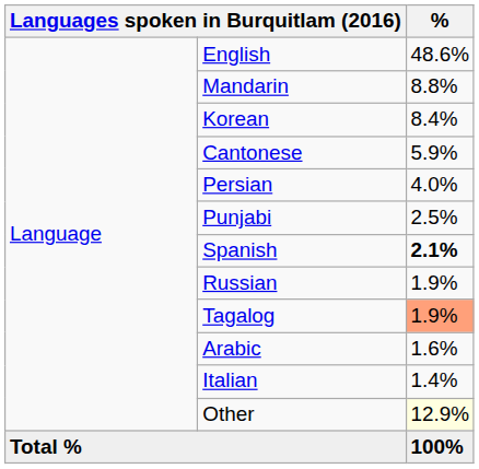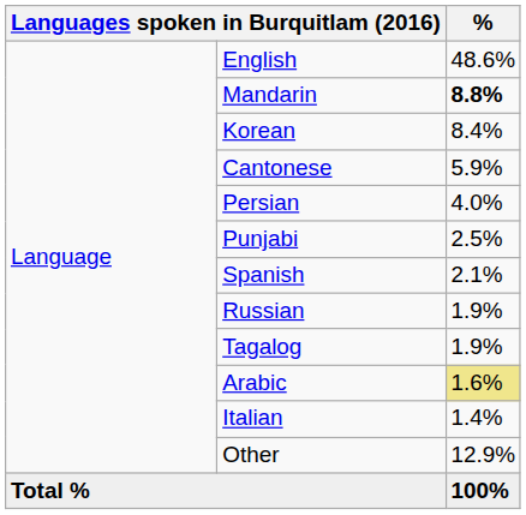 <table class="wikitable">
 <tr>
 <th colspan=2><a href='#'>Languages</a> spoken in Burquitlam (2016)<br></th>
 <th>%</th>
 </tr>
 <tr>
 <td rowspan=12><a href='#'>Language</a></td>
 <td><a href='#'>English</a></td>
 <td>48.6%</td>
 </tr>
 <tr>
 <td><a href='#'>Mandarin</a></td>
-<td>8.8%</td>
+<td><strong>8.8%</strong></td>
 </tr>
 <tr>
 <td><a href='#'>Korean</a></td>
 <td>8.4%</td>
 </tr>
 <tr>
 <td><a href='#'>Cantonese</a></td>
 <td>5.9%</td>
 </tr>
 <tr>
 <td><a href='#'>Persian</a></td>
 <td>4.0%</td>
 </tr>
 <tr>
 <td><a href='#'>Punjabi</a></td>
 <td>2.5%</td>
 </tr>
 <tr>
 <td><a href='#'>Spanish</a></td>
-<td><strong>2.1%</strong></td>
+<td>2.1%</td>
 </tr>
 <tr>
 <td><a href='#'>Russian</a></td>
 <td>1.9%</td>
 </tr>
 <tr>
 <td><a href='#'>Tagalog</a></td>
-<td style="background: lightsalmon;">1.9%</td>
+<td>1.9%</td>
 </tr>
 <tr>
 <td><a href='#'>Arabic</a></td>
-<td>1.6%</td>
+<td style="background: khaki;">1.6%</td>
 </tr>
 <tr>
 <td><a href='#'>Italian</a></td>
 <td>1.4%</td>
 </tr>
 <tr>
 <td>Other</td>
-<td style="background: lightyellow;">12.9%</td>
+<td>12.9%</td>
 </tr>
 <tr style="background:#efefef; font-weight:bold">
 <td colspan=2>Total %</td>
 <td>100%</td>
 </tr>
 </table>
